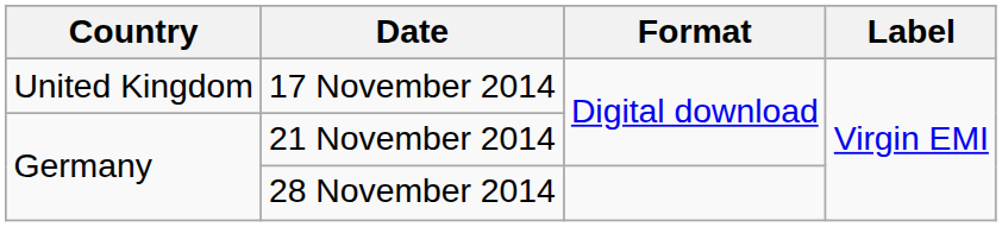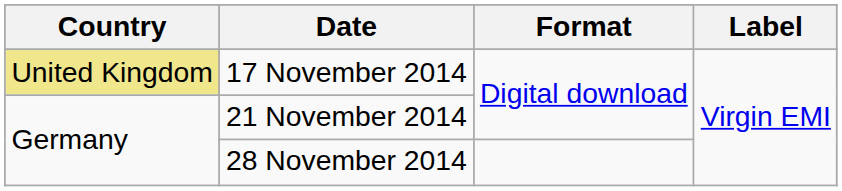 <table class="wikitable plainrowheaders">
 <tr>
 <th>Country</th>
 <th>Date</th>
 <th>Format</th>
 <th>Label</th>
 </tr>
 <tr>
-<td>United Kingdom</td>
+<td style="background: khaki;">United Kingdom</td>
 <td>17 November 2014</td>
 <td rowspan="2"><a href='#'>Digital download</a></td>
 <td rowspan="3"><a href='#'>Virgin EMI</a></td>
 </tr>
 <tr>
 <td rowspan="2">Germany</td>
 <td>21 November 2014</td>
 </tr>
 <tr>
 <td>28 November 2014</td>
 <td></td>
 </tr>
 </table>
